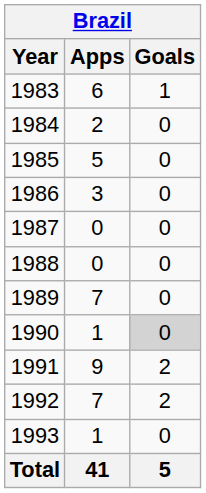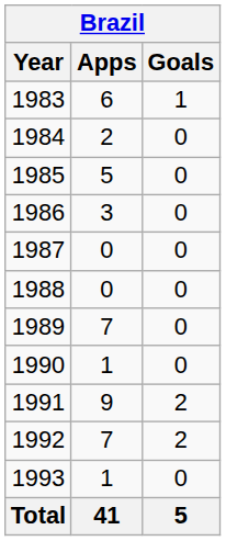 <table class="wikitable" style="text-align:center">
 <tr>
 <th colspan=3><a href='#'>Brazil</a></th>
 </tr>
 <tr>
 <th>Year</th>
 <th>Apps</th>
 <th>Goals</th>
 </tr>
 <tr>
 <td>1983</td>
 <td>6</td>
 <td>1</td>
 </tr>
 <tr>
 <td>1984</td>
 <td>2</td>
 <td>0</td>
 </tr>
 <tr>
 <td>1985</td>
 <td>5</td>
 <td>0</td>
 </tr>
 <tr>
 <td>1986</td>
 <td>3</td>
 <td>0</td>
 </tr>
 <tr>
 <td>1987</td>
 <td>0</td>
 <td>0</td>
 </tr>
 <tr>
 <td>1988</td>
 <td>0</td>
 <td>0</td>
 </tr>
 <tr>
 <td>1989</td>
 <td>7</td>
 <td>0</td>
 </tr>
 <tr>
 <td>1990</td>
 <td>1</td>
-<td style="background: lightgrey;">0</td>
+<td>0</td>
 </tr>
 <tr>
 <td>1991</td>
 <td>9</td>
 <td>2</td>
 </tr>
 <tr>
 <td>1992</td>
 <td>7</td>
 <td>2</td>
 </tr>
 <tr>
 <td>1993</td>
 <td>1</td>
 <td>0</td>
 </tr>
 <tr>
 <th>Total</th>
 <th>41</th>
 <th>5</th>
 </tr>
 </table>
